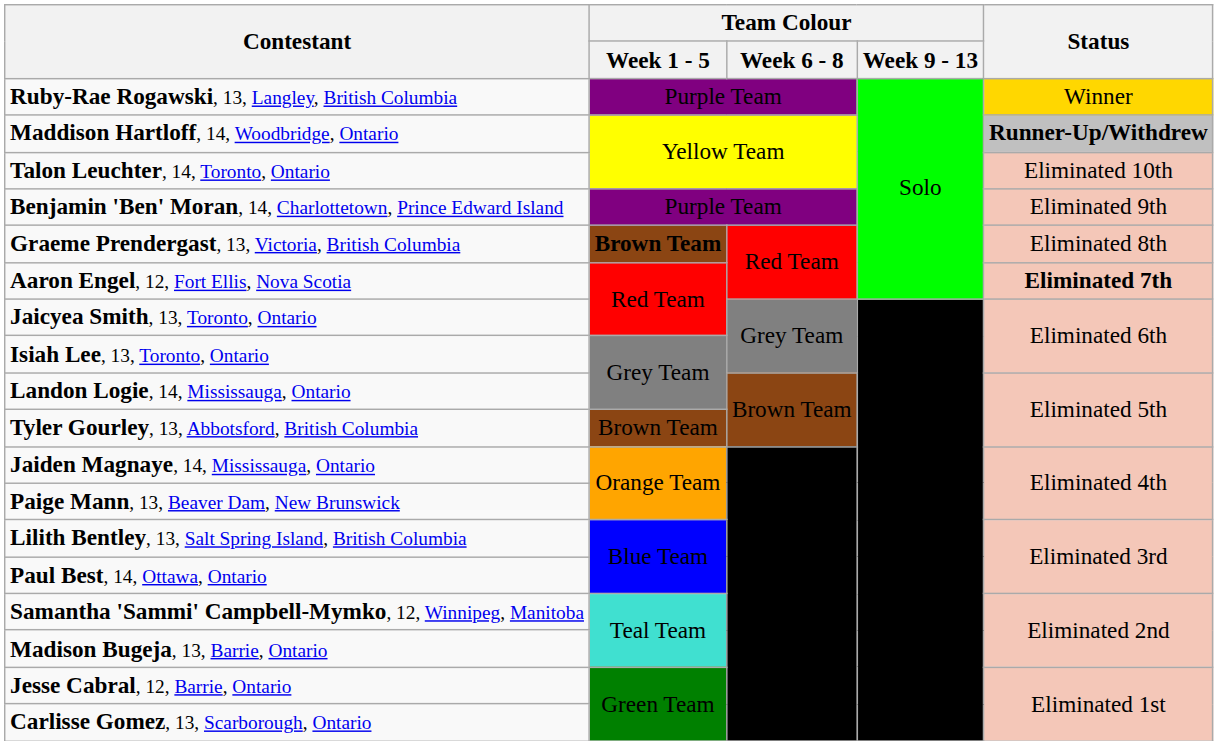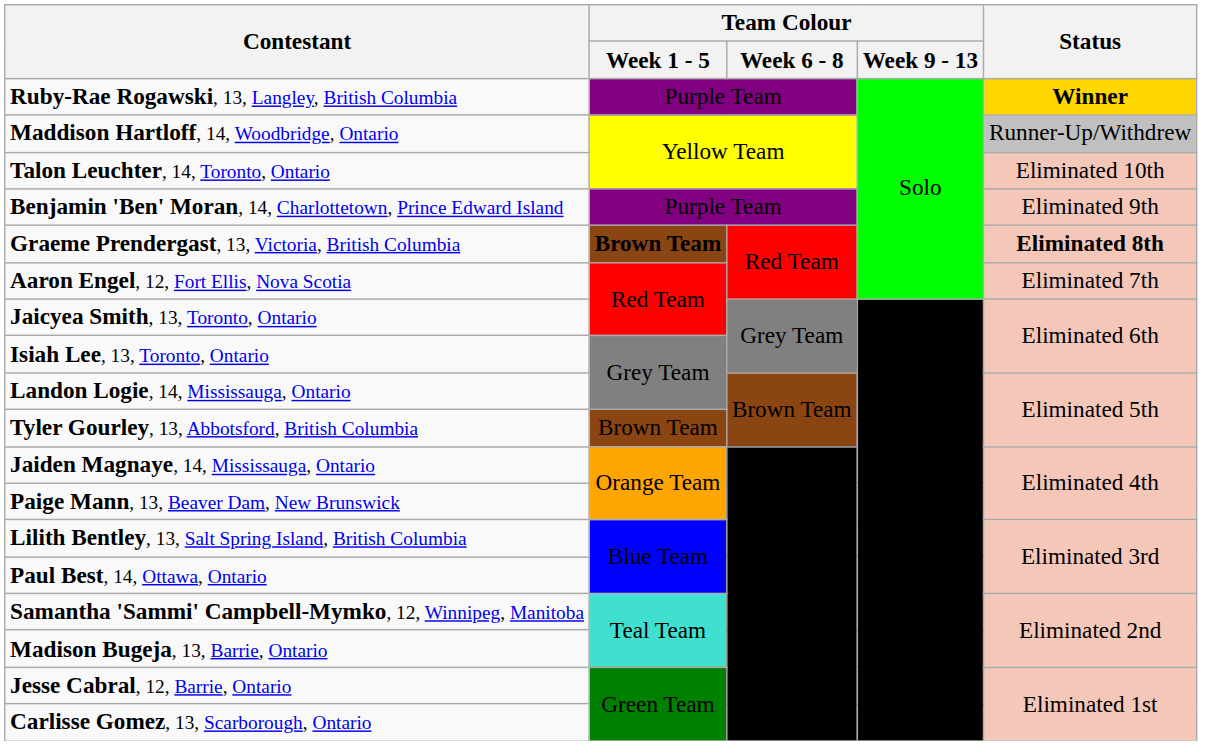 <table class="wikitable" align="center" style="text-align:center">
 <tr>
 <th rowspan=2>Contestant</th>
 <th colspan=3>Team Colour</th>
 <th rowspan=2>Status</th>
 </tr>
 <tr>
 <th>Week 1 - 5</th>
 <th>Week 6 - 8</th>
 <th>Week 9 - 13</th>
 </tr>
 <tr>
 <td align="left"><strong>Ruby-Rae Rogawski</strong><small>, 13, <a href='#'>Langley</a>, <a href='#'>British Columbia</a></small></td>
 <td colspan=2 bgcolor="purple" rowspan=1><span>Purple Team</span></td>
 <td bgcolor="lime" rowspan=6><span>Solo</span></td>
-<td bgcolor="gold">Winner</td>
+<td bgcolor="gold"><strong>Winner</strong></td>
 </tr>
 <tr>
 <td align="left"><strong>Maddison Hartloff</strong><small>, 14, <a href='#'>Woodbridge</a>, <a href='#'>Ontario</a></small></td>
 <td colspan=2 bgcolor="yellow" rowspan=2><span>Yellow Team</span></td>
-<td bgcolor="silver"><strong>Runner-Up/Withdrew</strong></td>
+<td bgcolor="silver">Runner-Up/Withdrew</td>
 </tr>
 <tr>
 <td align="left"><strong>Talon Leuchter</strong><small>, 14, <a href='#'>Toronto</a>, <a href='#'>Ontario</a></small></td>
 <td bgcolor="F4C7B8" rowspan=1>Eliminated 10th</td>
 </tr>
 <tr>
 <td align="left"><strong>Benjamin 'Ben' Moran</strong><small>, 14, <a href='#'>Charlottetown</a>, <a href='#'>Prince Edward Island</a></small></td>
 <td colspan=2 bgcolor="purple" rowspan=1><span>Purple Team</span></td>
 <td bgcolor="#F4C7B8" rowspan=1>Eliminated 9th</td>
 </tr>
 <tr>
 <td align="left"><strong>Graeme Prendergast</strong><small>, 13, <a href='#'>Victoria</a>, <a href='#'>British Columbia</a></small></td>
 <td bgcolor="saddlebrown" rowspan=1><strong><span>Brown Team</span></strong></td>
 <td bgcolor="red" rowspan=2><span>Red Team</span></td>
-<td bgcolor="#F4C7B8" rowspan=1>Eliminated 8th</td>
+<td bgcolor="#F4C7B8" rowspan=1><strong>Eliminated 8th</strong></td>
 </tr>
 <tr>
 <td align="left"><strong>Aaron Engel</strong><small>, 12, <a href='#'>Fort Ellis</a>, <a href='#'>Nova Scotia</a></small></td>
 <td bgcolor="red" rowspan=2><span>Red Team</span></td>
-<td bgcolor="#F4C7B8" rowspan=1><strong>Eliminated 7th <br></strong></td>
+<td bgcolor="#F4C7B8" rowspan=1>Eliminated 7th <br></td>
 </tr>
 <tr>
 <td align="left"><strong>Jaicyea Smith</strong><small>, 13, <a href='#'>Toronto</a>, <a href='#'>Ontario</a></small></td>
 <td bgcolor="gray" rowspan=2><span>Grey Team</span></td>
 <td bgcolor="black" rowspan=12><span>Not In <br>Competition</span></td>
 <td bgcolor="#F4C7B8" rowspan=2>Eliminated 6th <br></td>
 </tr>
 <tr>
 <td align="left"><strong>Isiah Lee</strong><small>, 13, <a href='#'>Toronto</a>, <a href='#'>Ontario</a></small></td>
 <td bgcolor="gray" rowspan=2><span>Grey Team</span></td>
 </tr>
 <tr>
 <td align="left"><strong>Landon Logie</strong><small>, 14, <a href='#'>Mississauga</a>, <a href='#'>Ontario</a></small></td>
 <td bgcolor="saddlebrown" rowspan=2><span>Brown Team</span></td>
 <td bgcolor="#F4C7B8" rowspan=2>Eliminated 5th <br></td>
 </tr>
 <tr>
 <td align="left"><strong>Tyler Gourley</strong><small>, 13, <a href='#'>Abbotsford</a>, <a href='#'>British Columbia</a></small></td>
 <td bgcolor="saddlebrown" rowspan=1><span>Brown Team</span></td>
 </tr>
 <tr>
 <td align="left"><strong>Jaiden Magnaye</strong><small>, 14, <a href='#'>Mississauga</a>, <a href='#'>Ontario</a></small></td>
 <td bgcolor="orange" rowspan=2><span>Orange Team</span></td>
 <td bgcolor="black" rowspan=8><span>Not In <br>Competition</span></td>
 <td bgcolor="#F4C7B8" rowspan=2>Eliminated 4th<br></td>
 </tr>
 <tr>
 <td align="left"><strong>Paige Mann</strong><small>, 13, <a href='#'>Beaver Dam</a>, <a href='#'>New Brunswick</a></small></td>
 </tr>
 <tr>
 <td align="left"><strong>Lilith Bentley</strong><small>, 13, <a href='#'>Salt Spring Island</a>, <a href='#'>British Columbia</a></small></td>
 <td bgcolor="blue" rowspan=2><span>Blue Team</span></td>
 <td bgcolor="#F4C7B8" rowspan=2>Eliminated 3rd<br></td>
 </tr>
 <tr>
 <td align="left"><strong>Paul Best</strong><small>, 14, <a href='#'>Ottawa</a>, <a href='#'>Ontario</a></small></td>
 </tr>
 <tr>
 <td align="left"><strong>Samantha 'Sammi' Campbell-Mymko</strong><small>, 12, <a href='#'>Winnipeg</a>, <a href='#'>Manitoba</a></small></td>
 <td bgcolor="turquoise" rowspan=2><span>Teal Team</span></td>
 <td bgcolor="#F4C7B8" rowspan=2>Eliminated 2nd <br></td>
 </tr>
 <tr>
 <td align="left"><strong>Madison Bugeja</strong><small>, 13, <a href='#'>Barrie</a>, <a href='#'>Ontario</a></small></td>
 </tr>
 <tr>
 <td align="left"><strong>Jesse Cabral</strong><small>, 12, <a href='#'>Barrie</a>, <a href='#'>Ontario</a></small></td>
 <td bgcolor="green" rowspan=2><span>Green Team</span></td>
 <td bgcolor="#F4C7B8" rowspan=2>Eliminated 1st <br></td>
 </tr>
 <tr>
 <td align="left"><strong>Carlisse Gomez</strong><small>, 13, <a href='#'>Scarborough</a>, <a href='#'>Ontario</a></small></td>
 </tr>
 </table>
